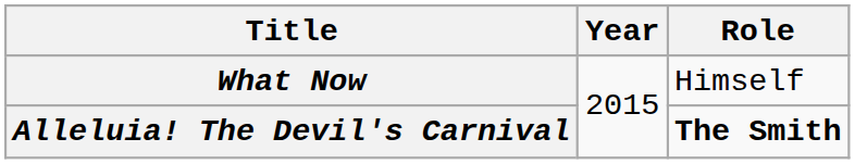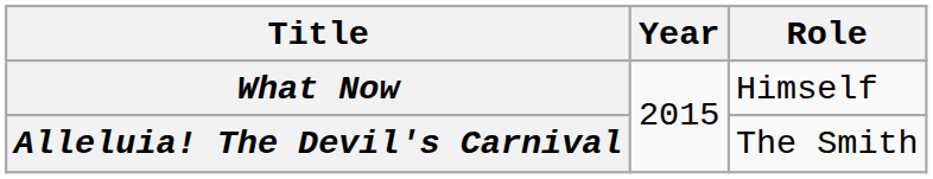 <table class="wikitable plainrowheaders sortable">
 <tr>
 <th>Title</th>
 <th>Year</th>
 <th>Role</th>
 </tr>
 <tr>
 <th scope="row"><em>What Now</em></th>
 <td rowspan="2">2015</td>
 <td>Himself</td>
 </tr>
 <tr>
 <th scope="row"><em>Alleluia! The Devil's Carnival</em></th>
-<td><strong>The Smith</strong></td>
+<td>The Smith</td>
 </tr>
 </table>
